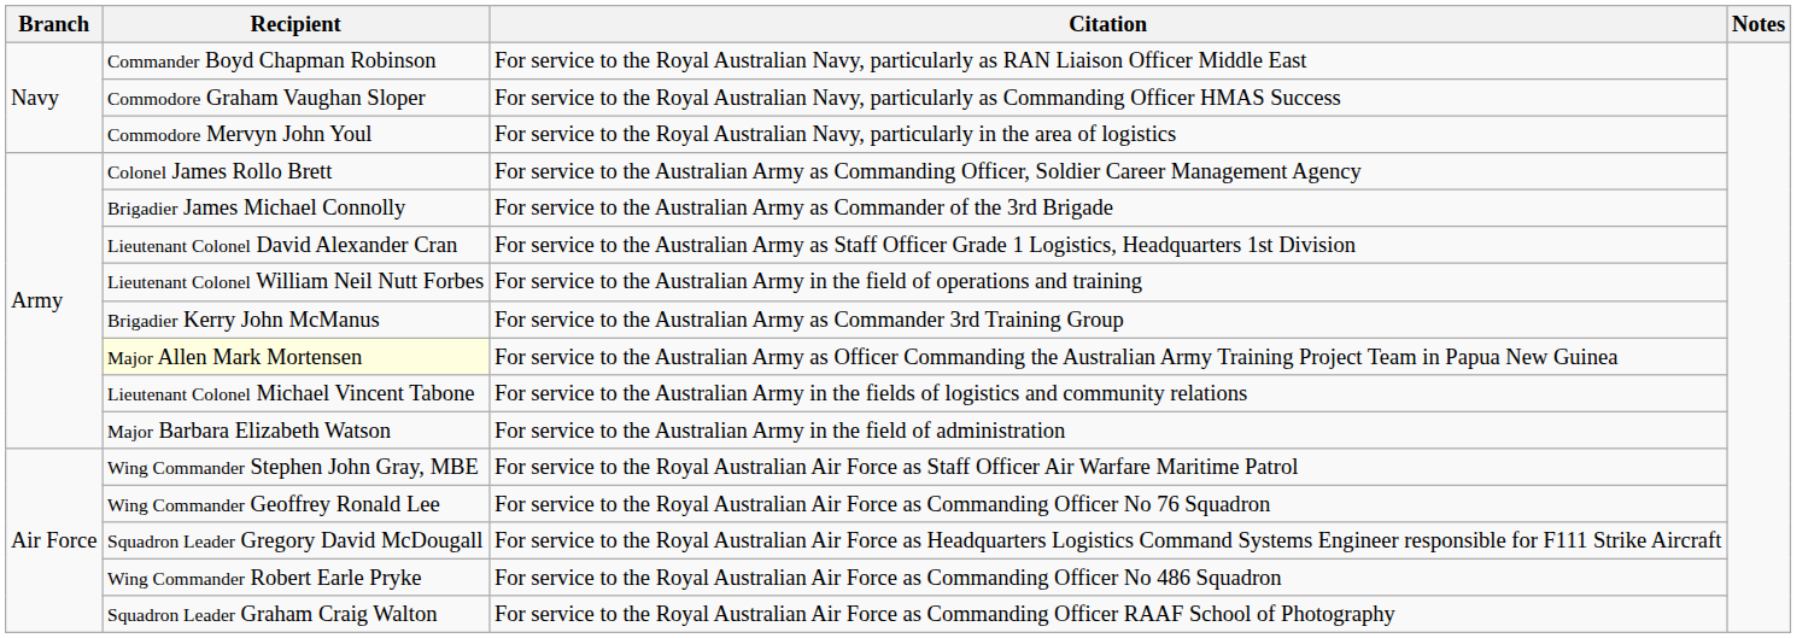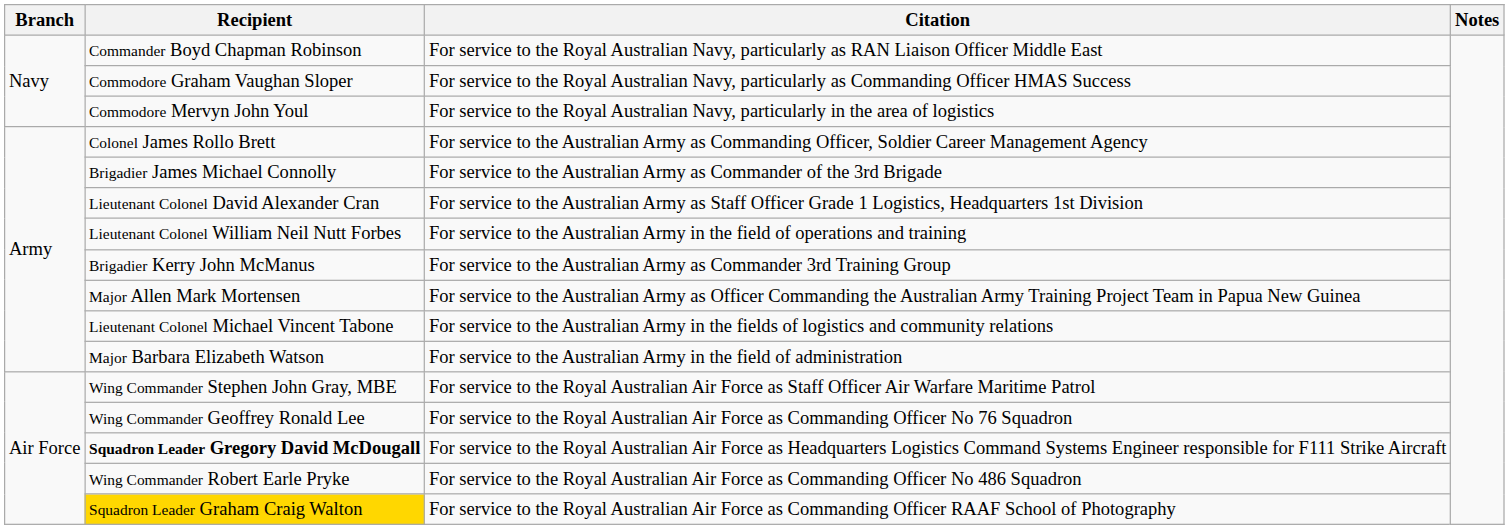 <table class="wikitable" style="font-size:95%;">
 <tr>
 <th>Branch</th>
 <th>Recipient</th>
 <th>Citation</th>
 <th>Notes</th>
 </tr>
 <tr>
 <td rowspan="3">Navy</td>
 <td><small>Commander</small> Boyd Chapman Robinson</td>
 <td>For service to the Royal Australian Navy, particularly as RAN Liaison Officer Middle East</td>
 <td rowspan="16"></td>
 </tr>
 <tr>
 <td><small>Commodore</small> Graham Vaughan Sloper</td>
 <td>For service to the Royal Australian Navy, particularly as Commanding Officer HMAS Success</td>
 </tr>
 <tr>
 <td><small>Commodore</small> Mervyn John Youl</td>
 <td>For service to the Royal Australian Navy, particularly in the area of logistics</td>
 </tr>
 <tr>
 <td rowspan="8">Army</td>
 <td><small>Colonel</small> James Rollo Brett</td>
 <td>For service to the Australian Army as Commanding Officer, Soldier Career Management Agency</td>
 </tr>
 <tr>
 <td><small>Brigadier</small> James Michael Connolly</td>
 <td>For service to the Australian Army as Commander of the 3rd Brigade</td>
 </tr>
 <tr>
 <td><small>Lieutenant Colonel</small> David Alexander Cran</td>
 <td>For service to the Australian Army as Staff Officer Grade 1 Logistics, Headquarters 1st Division</td>
 </tr>
 <tr>
 <td><small>Lieutenant Colonel</small> William Neil Nutt Forbes</td>
 <td>For service to the Australian Army in the field of operations and training</td>
 </tr>
 <tr>
 <td><small>Brigadier</small> Kerry John McManus</td>
 <td>For service to the Australian Army as Commander 3rd Training Group</td>
 </tr>
 <tr>
-<td style="background: lightyellow;"><small>Major</small> Allen Mark Mortensen</td>
+<td><small>Major</small> Allen Mark Mortensen</td>
 <td>For service to the Australian Army as Officer Commanding the Australian Army Training Project Team in Papua New Guinea</td>
 </tr>
 <tr>
 <td><small>Lieutenant Colonel</small> Michael Vincent Tabone</td>
 <td>For service to the Australian Army in the fields of logistics and community relations</td>
 </tr>
 <tr>
 <td><small>Major</small> Barbara Elizabeth Watson</td>
 <td>For service to the Australian Army in the field of administration</td>
 </tr>
 <tr>
 <td rowspan="5">Air Force</td>
 <td><small>Wing Commander</small> Stephen John Gray, MBE</td>
 <td>For service to the Royal Australian Air Force as Staff Officer Air Warfare Maritime Patrol</td>
 </tr>
 <tr>
 <td><small>Wing Commander</small> Geoffrey Ronald Lee</td>
 <td>For service to the Royal Australian Air Force as Commanding Officer No 76 Squadron</td>
 </tr>
 <tr>
-<td><small>Squadron Leader</small> Gregory David McDougall</td>
+<td><strong><small>Squadron Leader</small> Gregory David McDougall</strong></td>
 <td>For service to the Royal Australian Air Force as Headquarters Logistics Command Systems Engineer responsible for F111 Strike Aircraft</td>
 </tr>
 <tr>
 <td><small>Wing Commander</small> Robert Earle Pryke</td>
 <td>For service to the Royal Australian Air Force as Commanding Officer No 486 Squadron</td>
 </tr>
 <tr>
-<td><small>Squadron Leader</small> Graham Craig Walton</td>
+<td style="background: gold;"><small>Squadron Leader</small> Graham Craig Walton</td>
 <td>For service to the Royal Australian Air Force as Commanding Officer RAAF School of Photography</td>
 </tr>
 </table>
